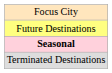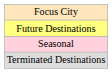 <table class="wikitable">
 <tr>
 <td style="background-color: #FFE6BD" align=center>Focus City</td>
 </tr>
 <tr>
 <td style="background:#FFFF80" align=center>Future Destinations</td>
 </tr>
 <tr>
-<td style="background:#FFD1DC" align=center><strong>Seasonal</strong></td>
+<td style="background:#FFD1DC" align=center>Seasonal</td>
 </tr>
 <tr>
 <td style="background:#DDDDDD" align=center>Terminated Destinations</td>
 </tr>
 </table>
